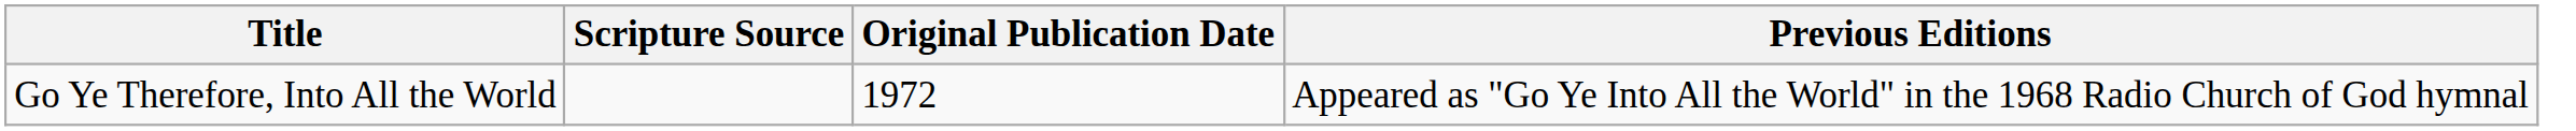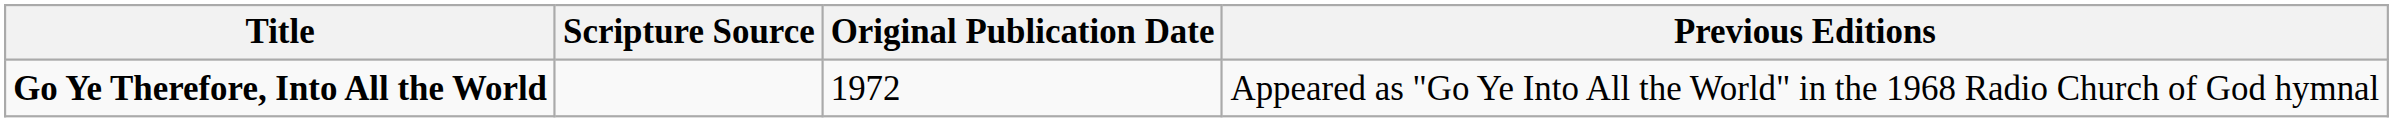 <table class="wikitable">
 <tr>
 <th>Title</th>
 <th>Scripture Source</th>
 <th>Original Publication Date</th>
 <th>Previous Editions</th>
 </tr>
 <tr>
-<td>Go Ye Therefore, Into All the World</td>
+<td><strong>Go Ye Therefore, Into All the World</strong></td>
 <td Matt. 28, Mark 16></td>
 <td>1972</td>
 <td>Appeared as "Go Ye Into All the World" in the 1968 Radio Church of God hymnal</td>
 </tr>
 </table>
